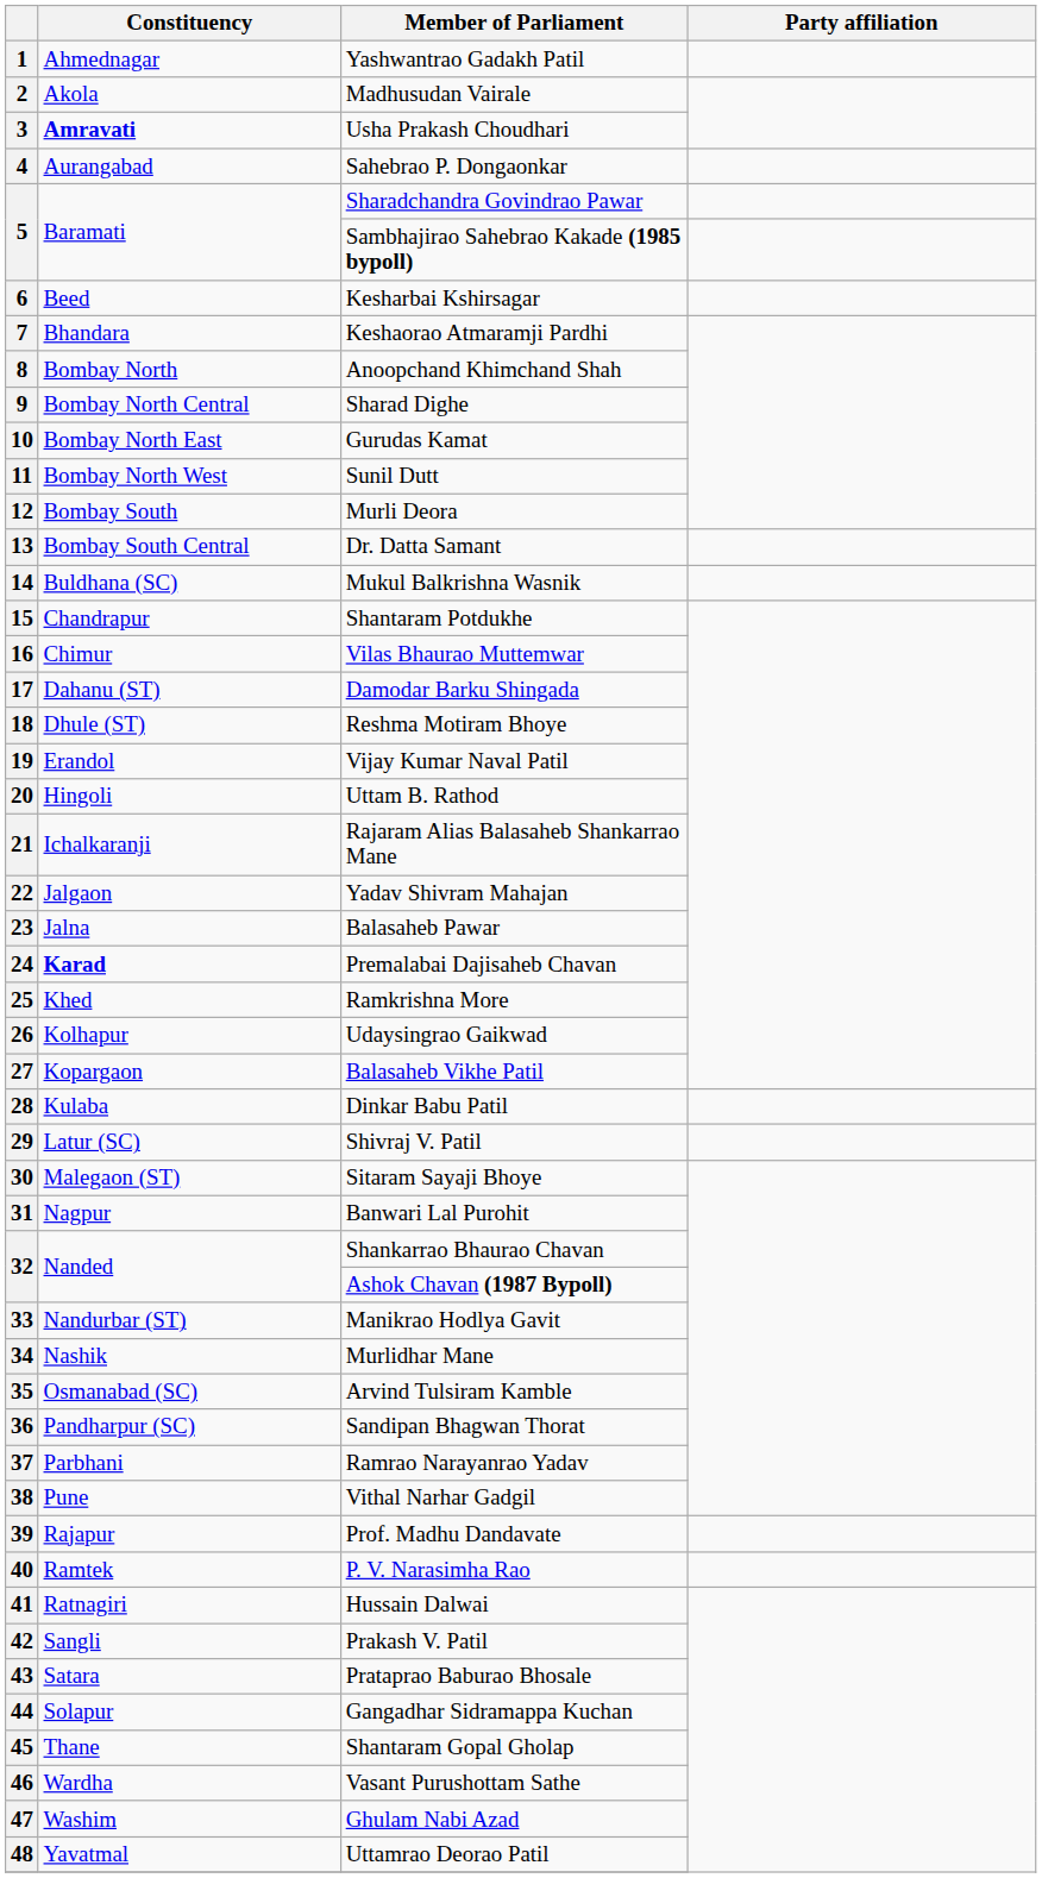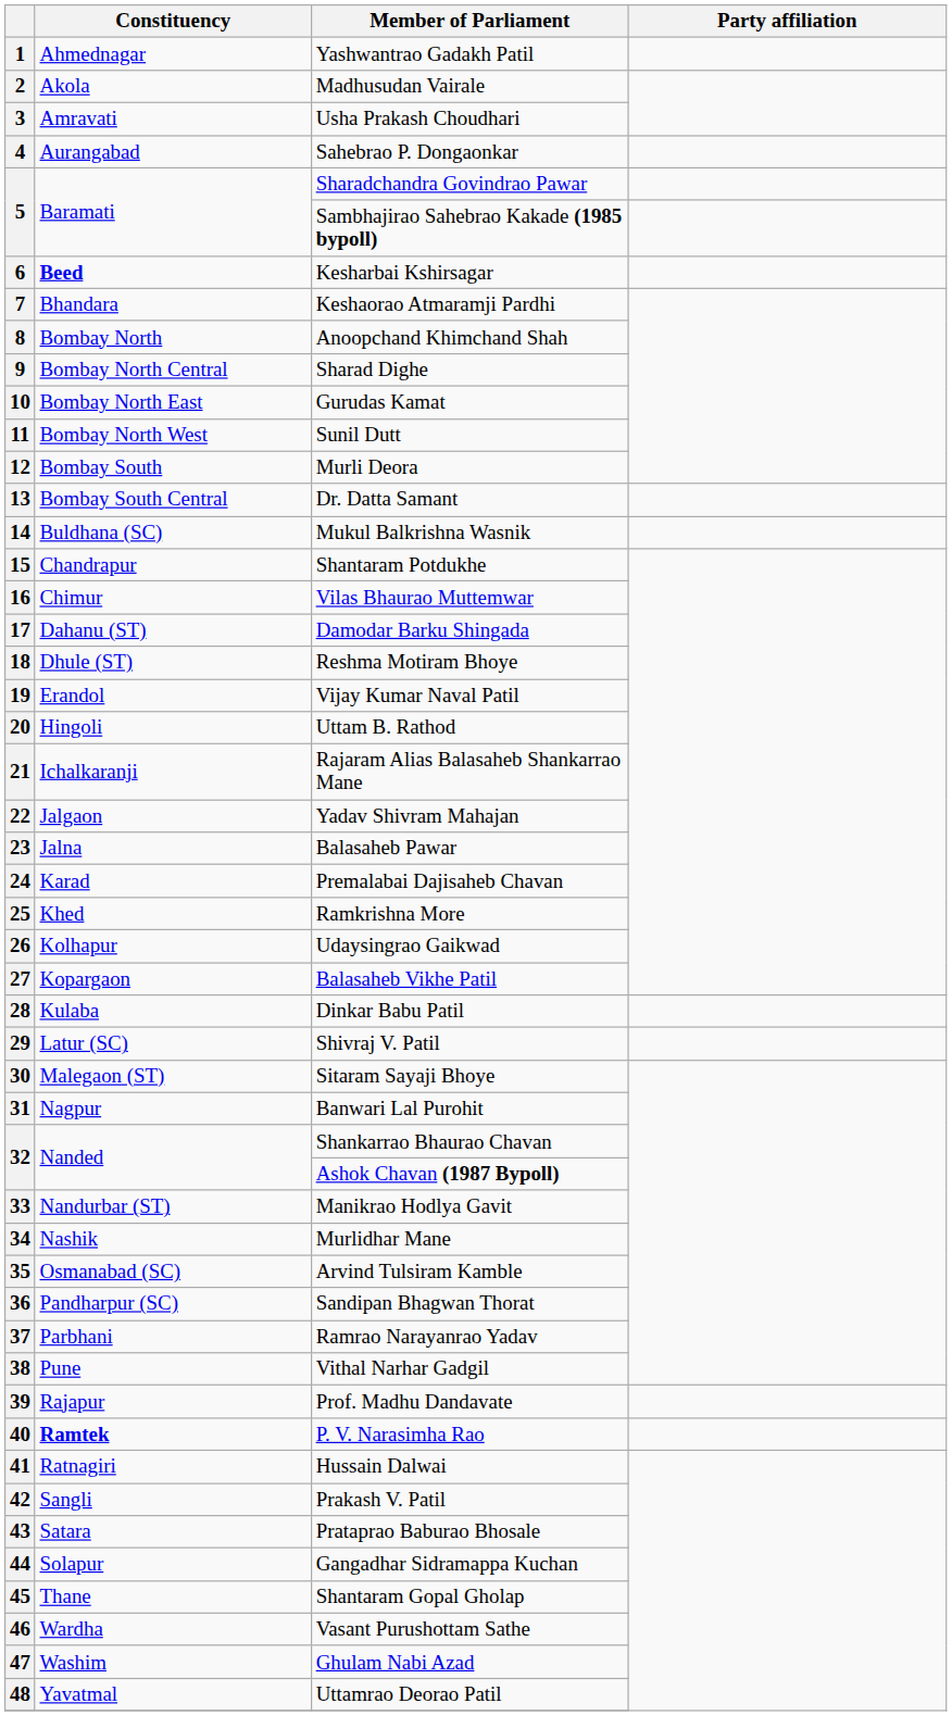 <table class="wikitable sortable">
 <tr style="text-align:center;">
 <th></th>
 <th style="width:13em">Constituency</th>
 <th style="width:15em">Member of Parliament</th>
 <th colspan="2" style="width:15em">Party affiliation</th>
 </tr>
 <tr>
 <th>1</th>
 <td><a href='#'>Ahmednagar</a></td>
 <td>Yashwantrao Gadakh Patil</td>
 <td></td>
 </tr>
 <tr>
 <th>2</th>
 <td><a href='#'>Akola</a></td>
 <td>Madhusudan Vairale</td>
 </tr>
 <tr>
 <th>3</th>
-<td><strong><a href='#'>Amravati</a></strong></td>
+<td><a href='#'>Amravati</a></td>
 <td>Usha Prakash Choudhari</td>
 </tr>
 <tr>
 <th>4</th>
 <td><a href='#'>Aurangabad</a></td>
 <td>Sahebrao P. Dongaonkar</td>
 <td></td>
 </tr>
 <tr>
 <th rowspan=2>5</th>
 <td rowspan=2><a href='#'>Baramati</a></td>
 <td><a href='#'>Sharadchandra Govindrao Pawar</a></td>
 </tr>
 <tr>
 <td>Sambhajirao Sahebrao Kakade <strong>(1985 bypoll)</strong></td>
 <td></td>
 </tr>
 <tr>
 <th>6</th>
-<td><a href='#'>Beed</a></td>
+<td><strong><a href='#'>Beed</a></strong></td>
 <td>Kesharbai Kshirsagar</td>
 <td></td>
 </tr>
 <tr>
 <th>7</th>
 <td><a href='#'>Bhandara</a></td>
 <td>Keshaorao Atmaramji Pardhi</td>
 </tr>
 <tr>
 <th>8</th>
 <td><a href='#'>Bombay North</a></td>
 <td>Anoopchand Khimchand Shah</td>
 </tr>
 <tr>
 <th>9</th>
 <td><a href='#'>Bombay North Central</a></td>
 <td>Sharad Dighe</td>
 </tr>
 <tr>
 <th>10</th>
 <td><a href='#'>Bombay North East</a></td>
 <td>Gurudas Kamat</td>
 </tr>
 <tr>
 <th>11</th>
 <td><a href='#'>Bombay North West</a></td>
 <td>Sunil Dutt</td>
 </tr>
 <tr>
 <th>12</th>
 <td><a href='#'>Bombay South</a></td>
 <td>Murli Deora</td>
 </tr>
 <tr>
 <th>13</th>
 <td><a href='#'>Bombay South Central</a></td>
 <td>Dr. Datta Samant</td>
 <td></td>
 </tr>
 <tr>
 <th>14</th>
 <td><a href='#'>Buldhana (SC)</a></td>
 <td>Mukul Balkrishna Wasnik</td>
 <td></td>
 </tr>
 <tr>
 <th>15</th>
 <td><a href='#'>Chandrapur</a></td>
 <td>Shantaram Potdukhe</td>
 </tr>
 <tr>
 <th>16</th>
 <td><a href='#'>Chimur</a></td>
 <td><a href='#'>Vilas Bhaurao Muttemwar</a></td>
 </tr>
 <tr>
 <th>17</th>
 <td><a href='#'>Dahanu (ST)</a></td>
 <td><a href='#'>Damodar Barku Shingada</a></td>
 </tr>
 <tr>
 <th>18</th>
 <td><a href='#'>Dhule (ST)</a></td>
 <td>Reshma Motiram Bhoye</td>
 </tr>
 <tr>
 <th>19</th>
 <td><a href='#'>Erandol</a></td>
 <td>Vijay Kumar Naval Patil</td>
 </tr>
 <tr>
 <th>20</th>
 <td><a href='#'>Hingoli</a></td>
 <td>Uttam B. Rathod</td>
 </tr>
 <tr>
 <th>21</th>
 <td><a href='#'>Ichalkaranji</a></td>
 <td>Rajaram Alias Balasaheb Shankarrao Mane</td>
 </tr>
 <tr>
 <th>22</th>
 <td><a href='#'>Jalgaon</a></td>
 <td>Yadav Shivram Mahajan</td>
 </tr>
 <tr>
 <th>23</th>
 <td><a href='#'>Jalna</a></td>
 <td>Balasaheb Pawar</td>
 </tr>
 <tr>
 <th>24</th>
-<td><strong><a href='#'>Karad</a></strong></td>
+<td><a href='#'>Karad</a></td>
 <td>Premalabai Dajisaheb Chavan</td>
 </tr>
 <tr>
 <th>25</th>
 <td><a href='#'>Khed</a></td>
 <td>Ramkrishna More</td>
 </tr>
 <tr>
 <th>26</th>
 <td><a href='#'>Kolhapur</a></td>
 <td>Udaysingrao Gaikwad</td>
 </tr>
 <tr>
 <th>27</th>
 <td><a href='#'>Kopargaon</a></td>
 <td><a href='#'>Balasaheb Vikhe Patil</a></td>
 </tr>
 <tr>
 <th>28</th>
 <td><a href='#'>Kulaba</a></td>
 <td>Dinkar Babu Patil</td>
 <td></td>
 </tr>
 <tr>
 <th>29</th>
 <td><a href='#'>Latur (SC)</a></td>
 <td>Shivraj V. Patil</td>
 <td></td>
 </tr>
 <tr>
 <th>30</th>
 <td><a href='#'>Malegaon (ST)</a></td>
 <td>Sitaram Sayaji Bhoye</td>
 </tr>
 <tr>
 <th>31</th>
 <td><a href='#'>Nagpur</a></td>
 <td>Banwari Lal Purohit</td>
 </tr>
 <tr>
 <th rowspan=2>32</th>
 <td rowspan=2><a href='#'>Nanded</a></td>
 <td>Shankarrao Bhaurao Chavan</td>
 </tr>
 <tr>
 <td><a href='#'>Ashok Chavan</a> <strong>(1987 Bypoll)</strong></td>
 </tr>
 <tr>
 <th>33</th>
 <td><a href='#'>Nandurbar (ST)</a></td>
 <td>Manikrao Hodlya Gavit</td>
 </tr>
 <tr>
 <th>34</th>
 <td><a href='#'>Nashik</a></td>
 <td>Murlidhar Mane</td>
 </tr>
 <tr>
 <th>35</th>
 <td><a href='#'>Osmanabad (SC)</a></td>
 <td>Arvind Tulsiram Kamble</td>
 </tr>
 <tr>
 <th>36</th>
 <td><a href='#'>Pandharpur (SC)</a></td>
 <td>Sandipan Bhagwan Thorat</td>
 </tr>
 <tr>
 <th>37</th>
 <td><a href='#'>Parbhani</a></td>
 <td>Ramrao Narayanrao Yadav</td>
 </tr>
 <tr>
 <th>38</th>
 <td><a href='#'>Pune</a></td>
 <td>Vithal Narhar Gadgil</td>
 </tr>
 <tr>
 <th>39</th>
 <td><a href='#'>Rajapur</a></td>
 <td>Prof. Madhu Dandavate</td>
 <td></td>
 </tr>
 <tr>
 <th>40</th>
-<td><a href='#'>Ramtek</a></td>
+<td><strong><a href='#'>Ramtek</a></strong></td>
 <td><a href='#'>P. V. Narasimha Rao</a></td>
 <td></td>
 </tr>
 <tr>
 <th>41</th>
 <td><a href='#'>Ratnagiri</a></td>
 <td>Hussain Dalwai</td>
 </tr>
 <tr>
 <th>42</th>
 <td><a href='#'>Sangli</a></td>
 <td>Prakash V. Patil</td>
 </tr>
 <tr>
 <th>43</th>
 <td><a href='#'>Satara</a></td>
 <td>Prataprao Baburao Bhosale</td>
 </tr>
 <tr>
 <th>44</th>
 <td><a href='#'>Solapur</a></td>
 <td>Gangadhar Sidramappa Kuchan</td>
 </tr>
 <tr>
 <th>45</th>
 <td><a href='#'>Thane</a></td>
 <td>Shantaram Gopal Gholap</td>
 </tr>
 <tr>
 <th>46</th>
 <td><a href='#'>Wardha</a></td>
 <td>Vasant Purushottam Sathe</td>
 </tr>
 <tr>
 <th>47</th>
 <td><a href='#'>Washim</a></td>
 <td><a href='#'>Ghulam Nabi Azad</a></td>
 </tr>
 <tr>
 <th>48</th>
 <td><a href='#'>Yavatmal</a></td>
 <td>Uttamrao Deorao Patil</td>
 </tr>
 <tr>
 </tr>
 </table>
